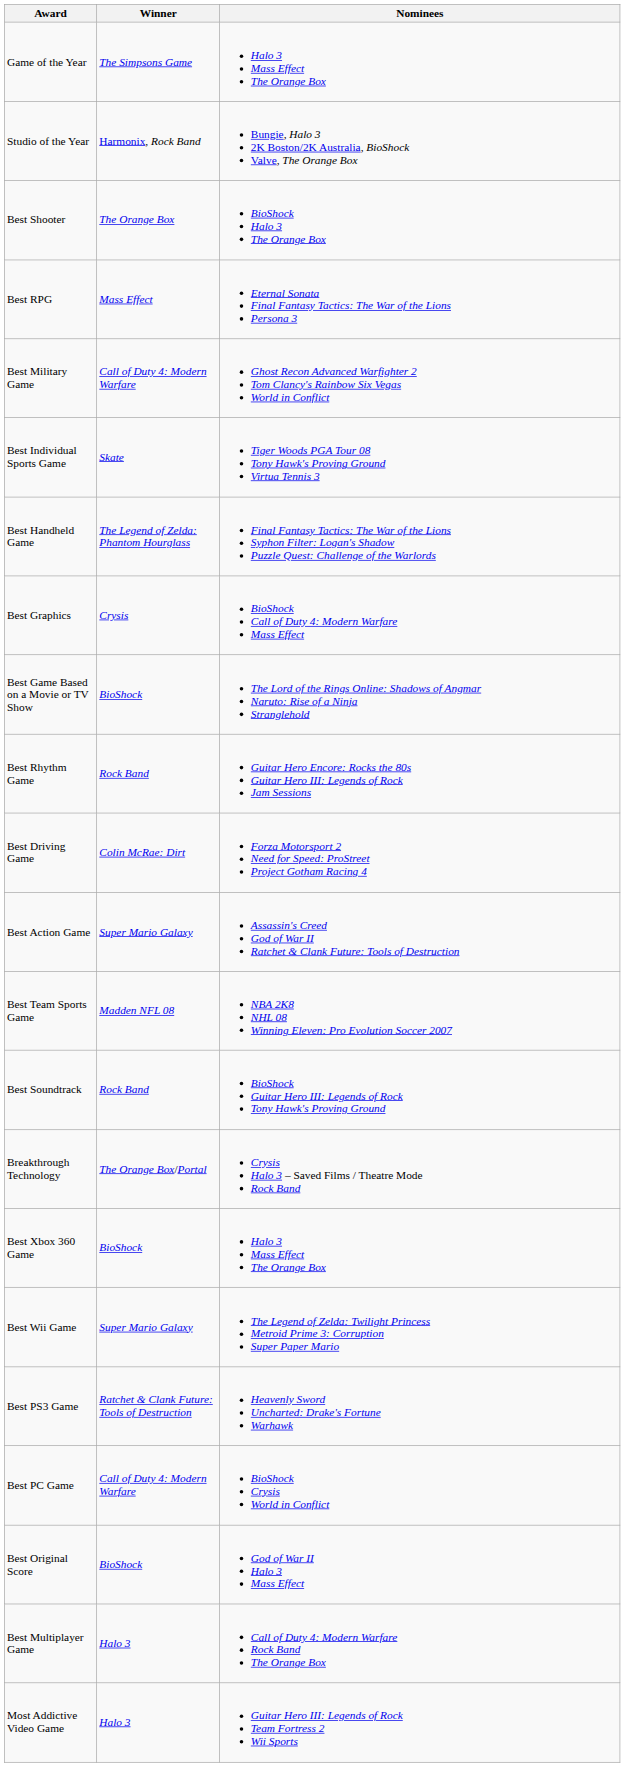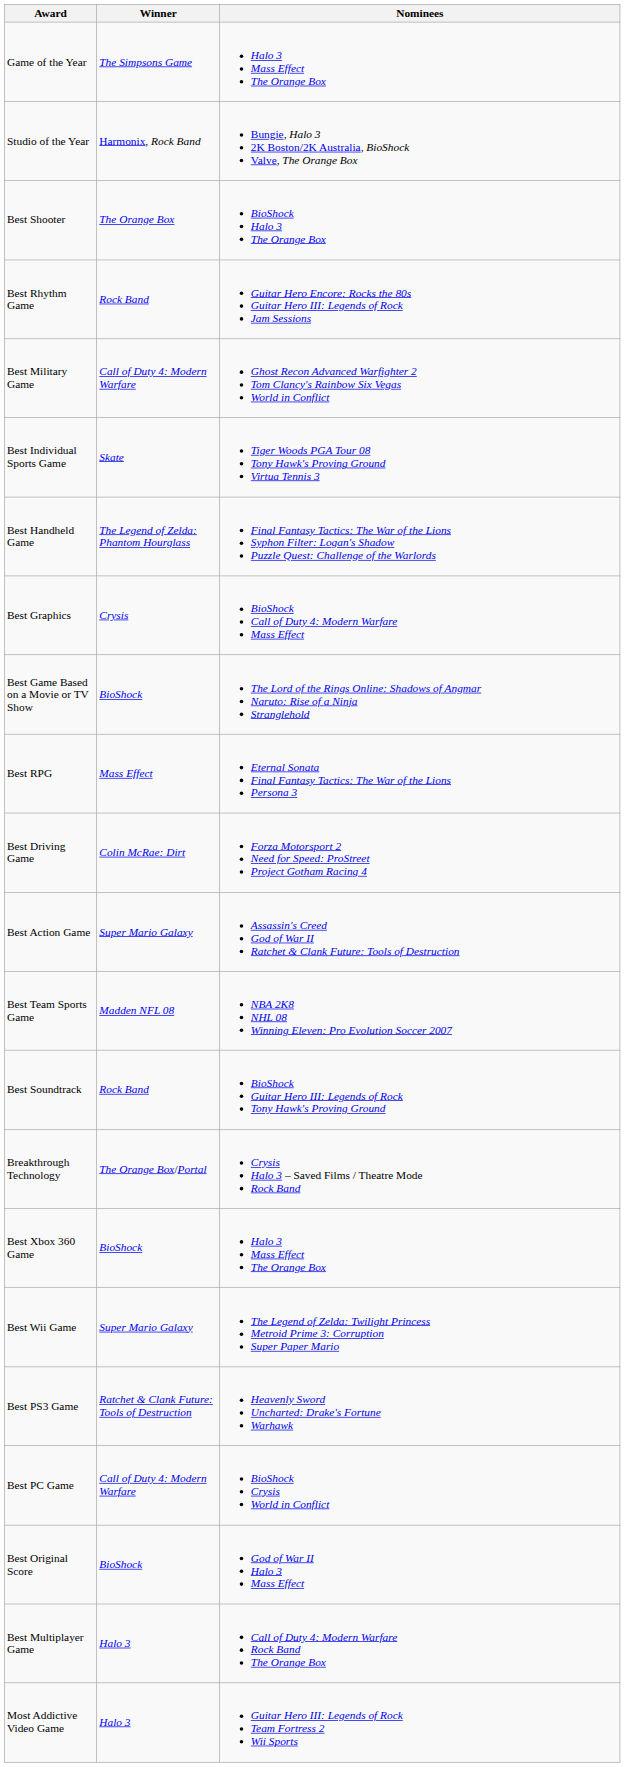 <table class="wikitable">
 <tr>
 <th style="width:15%">Award</th>
 <th style="width:20%">Winner</th>
 <th style="width:65%">Nominees</th>
 </tr>
 <tr>
 <td>Game of the Year</td>
 <td><em><a href='#'>The Simpsons Game</a></em></td>
 <td><br><ul><li><em><a href='#'>Halo 3</a></em></li><li><em><a href='#'>Mass Effect</a></em></li><li><em><a href='#'>The Orange Box</a></em></li></ul></td>
 </tr>
 <tr>
 <td>Studio of the Year</td>
 <td><a href='#'>Harmonix</a>, <em>Rock Band</em></td>
 <td><br><ul><li><a href='#'>Bungie</a>, <em>Halo 3</em></li><li><a href='#'>2K Boston/2K Australia</a>, <em>BioShock</em></li><li><a href='#'>Valve</a>, <em>The Orange Box</em></li></ul></td>
 </tr>
 <tr>
 <td>Best Shooter</td>
 <td><em><a href='#'>The Orange Box</a></em></td>
 <td><br><ul><li><em><a href='#'>BioShock</a></em></li><li><em><a href='#'>Halo 3</a></em></li><li><em><a href='#'>The Orange Box</a></em></li></ul></td>
 </tr>
 <tr>
-<td>Best RPG</td>
-<td><em><a href='#'>Mass Effect</a></em></td>
-<td><br><ul><li><em><a href='#'>Eternal Sonata</a></em></li><li><em><a href='#'>Final Fantasy Tactics: The War of the Lions</a></em></li><li><em><a href='#'>Persona 3</a></em></li></ul></td>
+<td>Best Rhythm Game</td>
+<td><em><a href='#'> Rock Band</a></em></td>
+<td><br><ul><li><em><a href='#'>Guitar Hero Encore: Rocks the 80s</a></em></li><li><em><a href='#'>Guitar Hero III: Legends of Rock</a></em></li><li><em><a href='#'>Jam Sessions</a></em></li></ul></td>
 </tr>
 <tr>
 <td>Best Military Game</td>
 <td><em><a href='#'>Call of Duty 4: Modern Warfare</a></em></td>
 <td><br><ul><li><em><a href='#'>Ghost Recon Advanced Warfighter 2</a></em></li><li><em><a href='#'>Tom Clancy's Rainbow Six Vegas</a></em></li><li><em><a href='#'>World in Conflict</a></em></li></ul></td>
 </tr>
 <tr>
 <td>Best Individual Sports Game</td>
 <td><em><a href='#'>Skate</a></em></td>
 <td><br><ul><li><em><a href='#'>Tiger Woods PGA Tour 08</a></em></li><li><em><a href='#'>Tony Hawk's Proving Ground</a></em></li><li><em><a href='#'>Virtua Tennis 3</a></em></li></ul></td>
 </tr>
 <tr>
 <td>Best Handheld Game</td>
 <td><em><a href='#'>The Legend of Zelda: Phantom Hourglass</a></em></td>
 <td><br><ul><li><em><a href='#'>Final Fantasy Tactics: The War of the Lions</a></em></li><li><em><a href='#'>Syphon Filter: Logan's Shadow</a></em></li><li><em><a href='#'>Puzzle Quest: Challenge of the Warlords</a></em></li></ul></td>
 </tr>
 <tr>
 <td>Best Graphics</td>
 <td><em><a href='#'>Crysis</a></em></td>
 <td><br><ul><li><em><a href='#'>BioShock</a></em></li><li><em><a href='#'>Call of Duty 4: Modern Warfare</a></em></li><li><em><a href='#'>Mass Effect</a></em></li></ul></td>
 </tr>
 <tr>
 <td>Best Game Based on a Movie or TV Show</td>
 <td><em><a href='#'>BioShock</a></em></td>
 <td><br><ul><li><em><a href='#'>The Lord of the Rings Online: Shadows of Angmar</a></em></li><li><em><a href='#'>Naruto: Rise of a Ninja</a></em></li><li><em><a href='#'>Stranglehold</a></em></li></ul></td>
 </tr>
 <tr>
-<td>Best Rhythm Game</td>
-<td><em><a href='#'> Rock Band</a></em></td>
-<td><br><ul><li><em><a href='#'>Guitar Hero Encore: Rocks the 80s</a></em></li><li><em><a href='#'>Guitar Hero III: Legends of Rock</a></em></li><li><em><a href='#'>Jam Sessions</a></em></li></ul></td>
+<td>Best RPG</td>
+<td><em><a href='#'>Mass Effect</a></em></td>
+<td><br><ul><li><em><a href='#'>Eternal Sonata</a></em></li><li><em><a href='#'>Final Fantasy Tactics: The War of the Lions</a></em></li><li><em><a href='#'>Persona 3</a></em></li></ul></td>
 </tr>
 <tr>
 <td>Best Driving Game</td>
 <td><em><a href='#'>Colin McRae: Dirt</a></em></td>
 <td><br><ul><li><em><a href='#'>Forza Motorsport 2</a></em></li><li><em><a href='#'>Need for Speed: ProStreet</a></em></li><li><em><a href='#'>Project Gotham Racing 4</a></em></li></ul></td>
 </tr>
 <tr>
 <td>Best Action Game</td>
 <td><em><a href='#'>Super Mario Galaxy</a></em></td>
 <td><br><ul><li><em><a href='#'>Assassin's Creed</a></em></li><li><em><a href='#'>God of War II</a></em></li><li><em><a href='#'>Ratchet & Clank Future: Tools of Destruction</a></em></li></ul></td>
 </tr>
 <tr>
 <td>Best Team Sports Game</td>
 <td><em><a href='#'>Madden NFL 08</a></em></td>
 <td><br><ul><li><em><a href='#'>NBA 2K8</a></em></li><li><em><a href='#'>NHL 08</a></em></li><li><em><a href='#'>Winning Eleven: Pro Evolution Soccer 2007</a></em></li></ul></td>
 </tr>
 <tr>
 <td>Best Soundtrack</td>
 <td><em><a href='#'>Rock Band</a></em></td>
 <td><br><ul><li><em><a href='#'>BioShock</a></em></li><li><em><a href='#'>Guitar Hero III: Legends of Rock</a></em></li><li><em><a href='#'>Tony Hawk's Proving Ground</a></em></li></ul></td>
 </tr>
 <tr>
 <td>Breakthrough Technology</td>
 <td><em><a href='#'>The Orange Box</a></em>/<em><a href='#'>Portal</a></em></td>
 <td><br><ul><li><em><a href='#'>Crysis</a></em></li><li><em><a href='#'>Halo 3</a></em> – Saved Films / Theatre Mode</li><li><em><a href='#'>Rock Band</a></em></li></ul></td>
 </tr>
 <tr>
 <td>Best Xbox 360 Game</td>
 <td><em><a href='#'>BioShock</a></em></td>
 <td><br><ul><li><em><a href='#'>Halo 3</a></em></li><li><em><a href='#'>Mass Effect</a></em></li><li><em><a href='#'>The Orange Box</a></em></li></ul></td>
 </tr>
 <tr>
 <td>Best Wii Game</td>
 <td><em><a href='#'>Super Mario Galaxy</a></em></td>
 <td><br><ul><li><em><a href='#'>The Legend of Zelda: Twilight Princess</a></em></li><li><em><a href='#'>Metroid Prime 3: Corruption</a></em></li><li><em><a href='#'>Super Paper Mario</a></em></li></ul></td>
 </tr>
 <tr>
 <td>Best PS3 Game</td>
 <td><em><a href='#'>Ratchet & Clank Future: Tools of Destruction</a></em></td>
 <td><br><ul><li><em><a href='#'>Heavenly Sword</a></em></li><li><em><a href='#'>Uncharted: Drake's Fortune</a></em></li><li><em><a href='#'>Warhawk</a></em></li></ul></td>
 </tr>
 <tr>
 <td>Best PC Game</td>
 <td><em><a href='#'>Call of Duty 4: Modern Warfare</a></em></td>
 <td><br><ul><li><em><a href='#'>BioShock</a></em></li><li><em><a href='#'>Crysis</a></em></li><li><em><a href='#'>World in Conflict</a></em></li></ul></td>
 </tr>
 <tr>
 <td>Best Original Score</td>
 <td><em><a href='#'>BioShock</a></em></td>
 <td><br><ul><li><em><a href='#'>God of War II</a></em></li><li><em><a href='#'>Halo 3</a></em></li><li><em><a href='#'>Mass Effect</a></em></li></ul></td>
 </tr>
 <tr>
 <td>Best Multiplayer Game</td>
 <td><em><a href='#'>Halo 3</a></em></td>
 <td><br><ul><li><em><a href='#'>Call of Duty 4: Modern Warfare</a></em></li><li><em><a href='#'>Rock Band</a></em></li><li><em><a href='#'>The Orange Box</a></em></li></ul></td>
 </tr>
 <tr>
 <td>Most Addictive Video Game</td>
 <td><em><a href='#'>Halo 3</a></em></td>
 <td><br><ul><li><em><a href='#'>Guitar Hero III: Legends of Rock</a></em></li><li><em><a href='#'>Team Fortress 2</a></em></li><li><em><a href='#'>Wii Sports</a></em></li></ul></td>
 </tr>
 </table>
